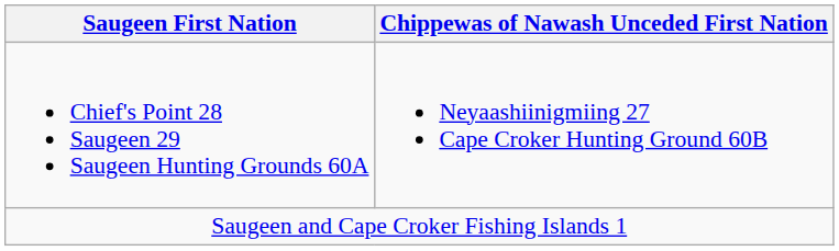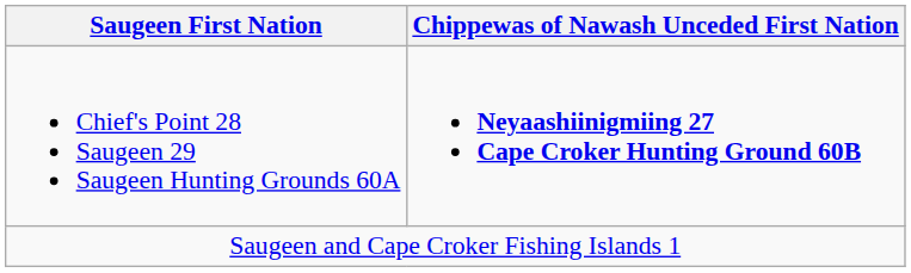 <table class="wikitable">
 <tr>
 <th><a href='#'>Saugeen First Nation</a></th>
 <th><a href='#'>Chippewas of Nawash Unceded First Nation</a></th>
 </tr>
 <tr valign = "top">
 <td><br><ul><li><a href='#'>Chief's Point 28</a></li><li><a href='#'>Saugeen 29</a></li><li><a href='#'>Saugeen Hunting Grounds 60A</a></li></ul></td>
-<td><br><ul><li><a href='#'>Neyaashiinigmiing 27</a></li><li><a href='#'>Cape Croker Hunting Ground 60B</a></li></ul></td>
+<td><strong><br><ul><li><a href='#'>Neyaashiinigmiing 27</a></li><li><a href='#'>Cape Croker Hunting Ground 60B</a></li></ul></strong></td>
 </tr>
 <tr>
 <td colspan = "2" align=center><a href='#'>Saugeen and Cape Croker Fishing Islands 1</a></td>
 </tr>
 </table>
